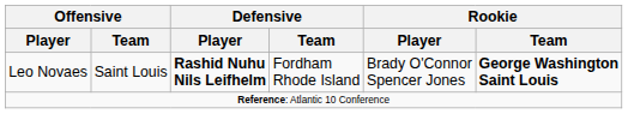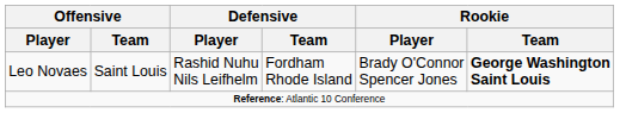 <table class="wikitable">
 <tr>
 <th colspan="2">Offensive</th>
 <th colspan="2">Defensive</th>
 <th colspan="2">Rookie</th>
 </tr>
 <tr>
 <th>Player</th>
 <th>Team</th>
 <th>Player</th>
 <th>Team</th>
 <th>Player</th>
 <th>Team</th>
 </tr>
 <tr>
 <td>Leo Novaes</td>
 <td>Saint Louis</td>
-<td><strong>Rashid Nuhu<br>Nils Leifhelm</strong></td>
+<td>Rashid Nuhu<br>Nils Leifhelm</td>
 <td>Fordham<br>Rhode Island</td>
 <td>Brady O'Connor<br>Spencer Jones</td>
 <td><strong>George Washington<br>Saint Louis</strong></td>
 </tr>
 <tr>
 <td colspan="12"  style="font-size:8pt; text-align:center;"><strong>Reference</strong>: Atlantic 10 Conference</td>
 </tr>
 </table>
